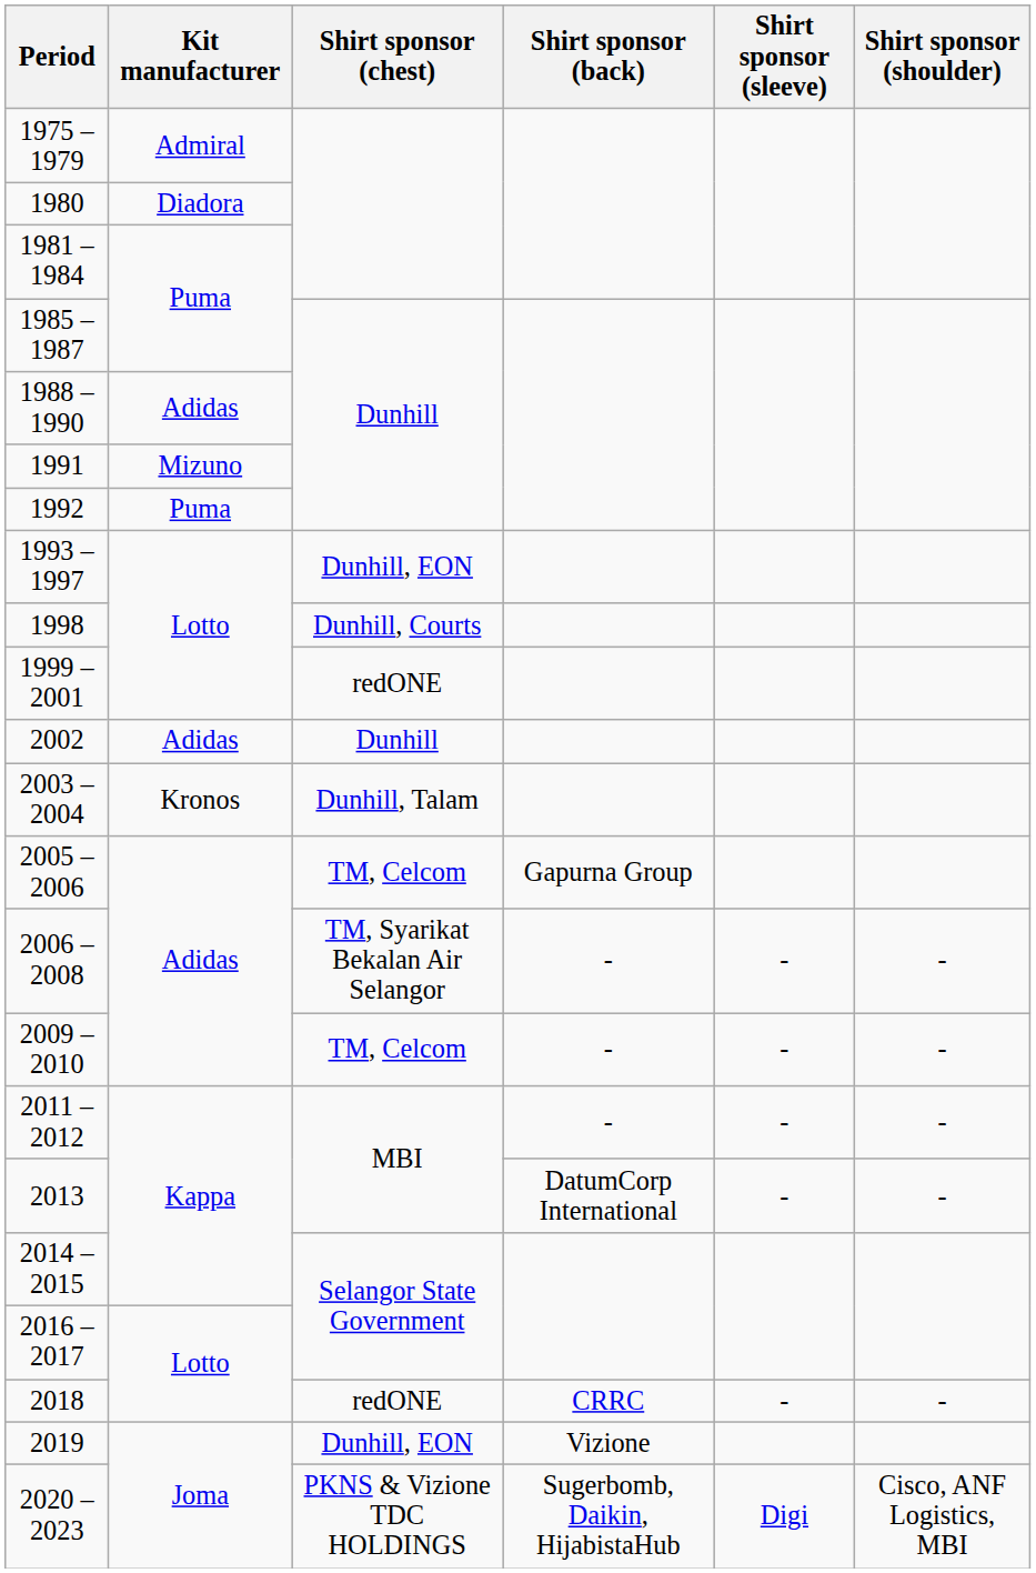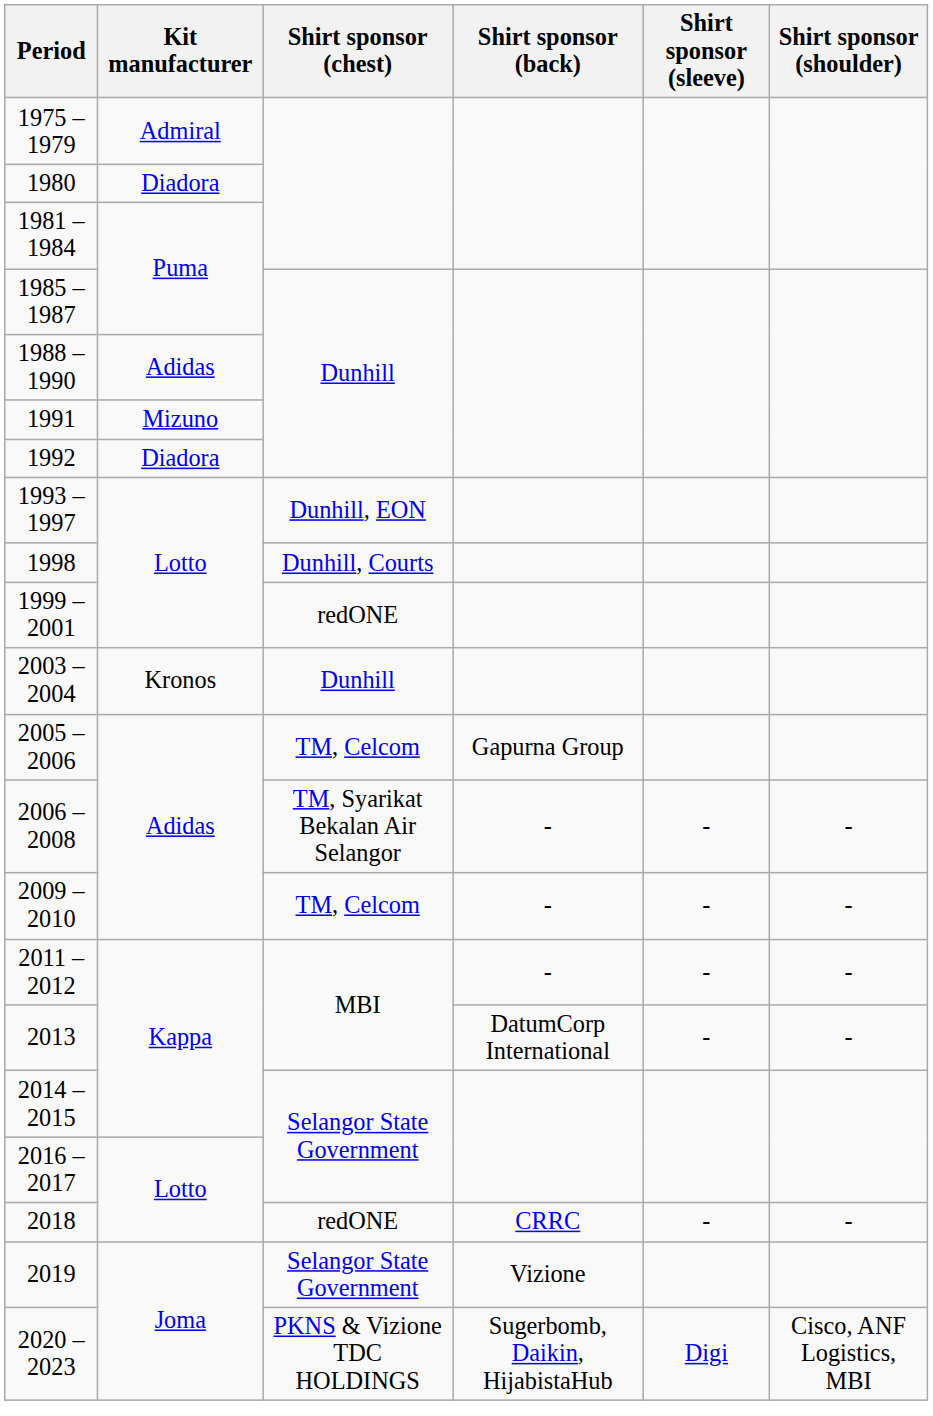 <table class="wikitable" style="text-align:center">
 <tr>
 <th>Period</th>
 <th>Kit manufacturer</th>
 <th>Shirt sponsor (chest)</th>
 <th>Shirt sponsor (back)</th>
 <th>Shirt sponsor (sleeve)</th>
 <th>Shirt sponsor (shoulder)</th>
 </tr>
 <tr>
 <td align=center>1975 – 1979</td>
 <td><a href='#'>Admiral</a></td>
 <td rowspan="3"></td>
 <td rowspan="3"></td>
 <td rowspan="3"></td>
 <td rowspan="3"></td>
 </tr>
 <tr>
 <td align=center>1980</td>
 <td><a href='#'>Diadora</a></td>
 </tr>
 <tr>
 <td align=center>1981 – 1984</td>
 <td rowspan="2"><a href='#'>Puma</a></td>
 </tr>
 <tr>
 <td align=center>1985 – 1987</td>
 <td rowspan="4"><a href='#'>Dunhill</a></td>
 <td rowspan="4"></td>
 <td rowspan="4"></td>
 <td rowspan="4"></td>
 </tr>
 <tr>
 <td align=center>1988 – 1990</td>
 <td><a href='#'>Adidas</a></td>
 </tr>
 <tr>
 <td align=center>1991</td>
 <td><a href='#'>Mizuno</a></td>
 </tr>
 <tr>
 <td align=center>1992</td>
-<td><a href='#'>Puma</a></td>
+<td><a href='#'>Diadora</a></td>
 </tr>
 <tr>
 <td align=center>1993 – 1997</td>
 <td rowspan="3"><a href='#'>Lotto</a></td>
 <td><a href='#'>Dunhill</a>, <a href='#'>EON</a></td>
 <td></td>
 <td></td>
 <td></td>
 </tr>
 <tr>
 <td align=center>1998</td>
 <td><a href='#'>Dunhill</a>, <a href='#'>Courts</a></td>
 <td></td>
 <td></td>
 <td></td>
 </tr>
 <tr>
 <td align=center>1999 – 2001</td>
 <td>redONE</td>
 <td></td>
 <td></td>
 <td></td>
 </tr>
 <tr>
-<td align=center>2002</td>
-<td><a href='#'>Adidas</a></td>
-<td><a href='#'>Dunhill</a></td>
-<td></td>
-<td></td>
-<td></td>
-</tr>
-<tr>
 <td align=center>2003 – 2004</td>
 <td>Kronos</td>
-<td><a href='#'>Dunhill</a>, Talam</td>
+<td><a href='#'>Dunhill</a></td>
 <td></td>
 <td></td>
 <td></td>
 </tr>
 <tr>
 <td align=center>2005 – 2006</td>
 <td rowspan="3"><a href='#'>Adidas</a></td>
 <td><a href='#'>TM</a>, <a href='#'>Celcom</a></td>
 <td>Gapurna Group</td>
 <td></td>
 <td></td>
 </tr>
 <tr>
 <td align=center>2006 – 2008</td>
 <td><a href='#'>TM</a>, Syarikat Bekalan Air Selangor</td>
 <td>-</td>
 <td>-</td>
 <td>-</td>
 </tr>
 <tr>
 <td align=center>2009 – 2010</td>
 <td><a href='#'>TM</a>, <a href='#'>Celcom</a></td>
 <td>-</td>
 <td>-</td>
 <td>-</td>
 </tr>
 <tr>
 <td align=center>2011 – 2012</td>
 <td rowspan="3"><a href='#'>Kappa</a></td>
 <td rowspan="2">MBI</td>
 <td>-</td>
 <td>-</td>
 <td>-</td>
 </tr>
 <tr>
 <td align=center>2013</td>
 <td>DatumCorp International</td>
 <td>-</td>
 <td>-</td>
 </tr>
 <tr>
 <td align=center>2014 – 2015</td>
 <td rowspan="2"><a href='#'>Selangor State Government</a></td>
 <td rowspan="2"></td>
 <td rowspan="2"></td>
 <td rowspan="2"></td>
 </tr>
 <tr>
 <td align=center>2016 – 2017</td>
 <td rowspan="2"><a href='#'>Lotto</a></td>
 </tr>
 <tr>
 <td align=center>2018</td>
 <td>redONE</td>
 <td><a href='#'>CRRC</a></td>
 <td>-</td>
 <td>-</td>
 </tr>
 <tr>
 <td align=center>2019</td>
 <td rowspan="2"><a href='#'>Joma</a></td>
-<td><a href='#'>Dunhill</a>, <a href='#'>EON</a></td>
+<td><a href='#'>Selangor State Government</a></td>
 <td>Vizione</td>
 <td></td>
 <td></td>
 </tr>
 <tr>
 <td align=center>2020 – 2023</td>
 <td><a href='#'>PKNS</a> & Vizione<br>TDC HOLDINGS</td>
 <td>Sugerbomb, <a href='#'>Daikin</a>, HijabistaHub</td>
 <td><a href='#'>Digi</a></td>
 <td>Cisco, ANF Logistics, MBI</td>
 </tr>
 </table>
